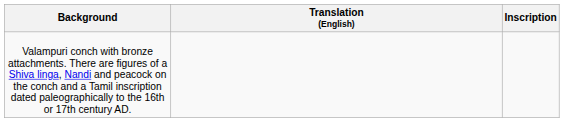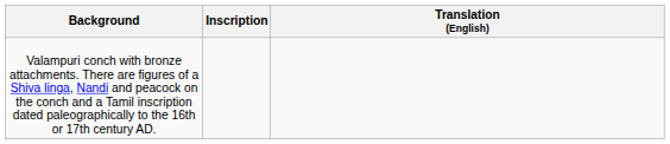 <table class="wikitable centre">
 <tr>
 <th scope="col" align=left>Background<br></th>
+<th>Inscription<br></th>
 <th>Translation<br><small>(English)</small></th>
-<th>Inscription<br></th>
 </tr>
 <tr>
 <td align=center width="30%"><br>Valampuri conch with bronze attachments. There are figures of a <a href='#'>Shiva linga</a>, <a href='#'>Nandi</a> and peacock on the conch and a Tamil inscription dated paleographically to the 16th or 17th century AD.</td>
+<td align=center width="10%"><br></td>
 <td align=left><br></td>
-<td align=center width="10%"><br></td>
 </tr>
 </table>
